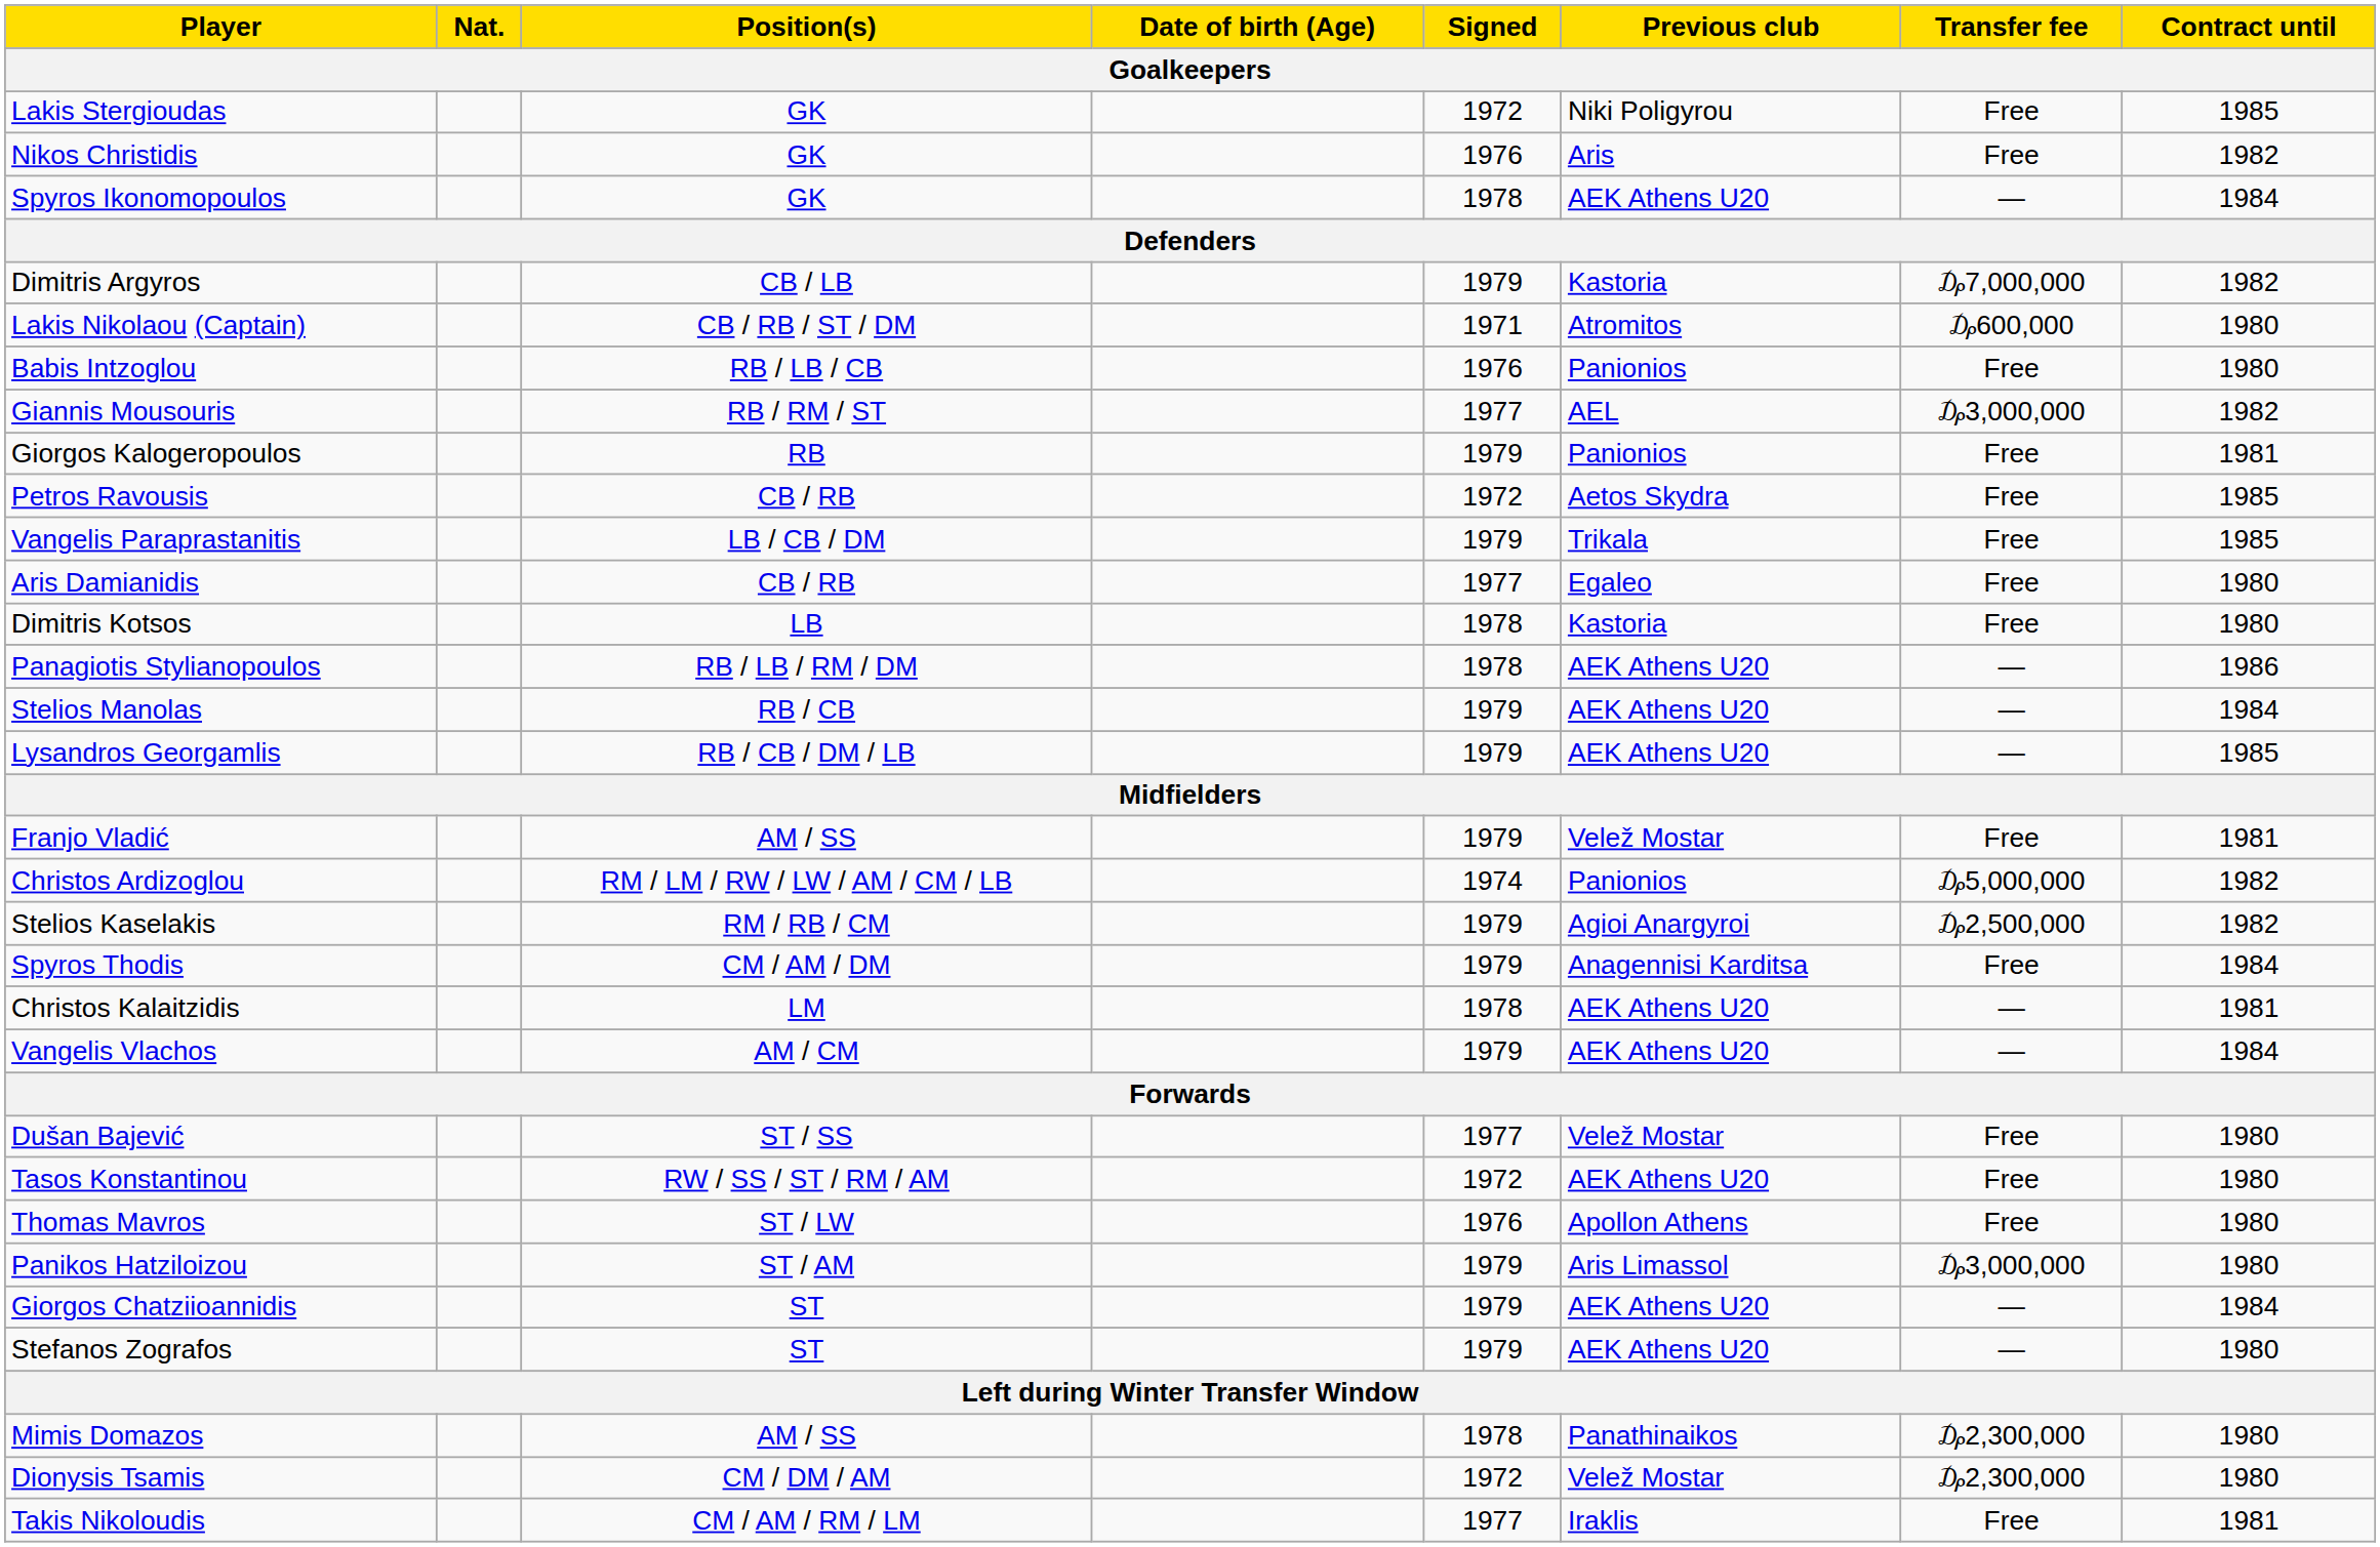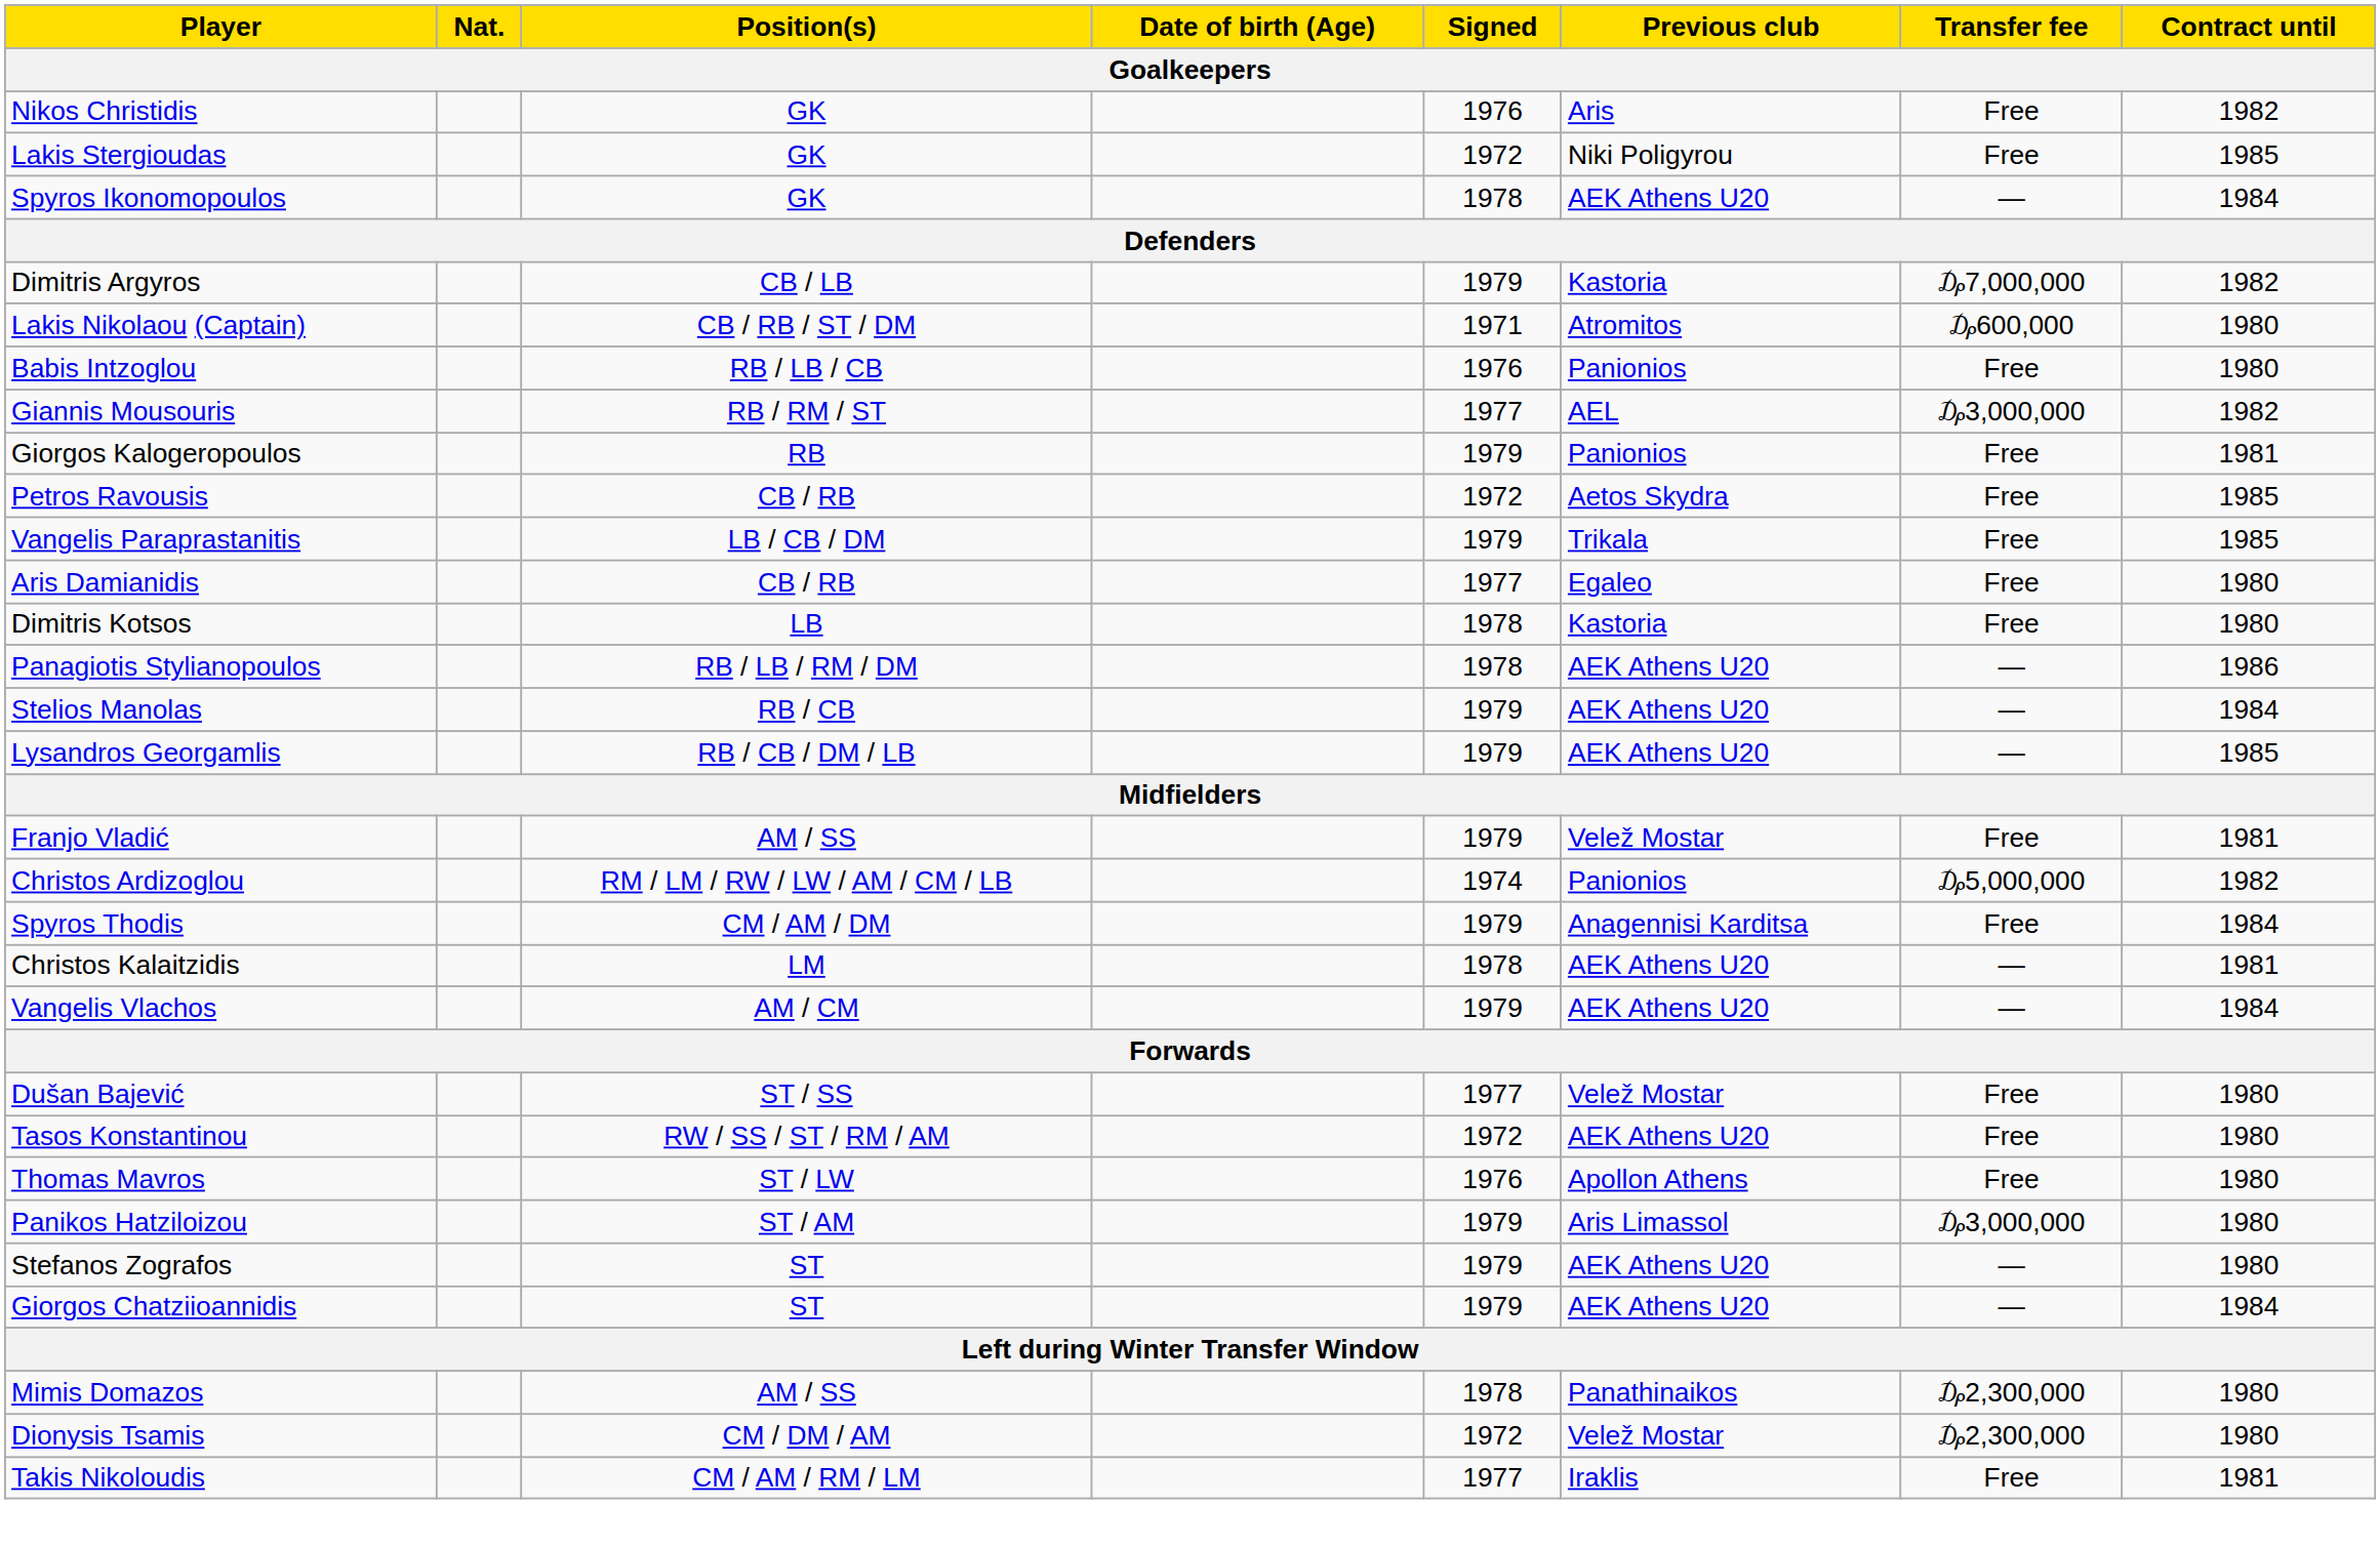 <table class="wikitable" style="text-align:center; font-size:90%;width:100%;">
 <tr>
 <th style="background:#FFDE00">Player</th>
 <th style="background:#FFDE00">Nat.</th>
 <th style="background:#FFDE00">Position(s)</th>
 <th style="background:#FFDE00">Date of birth (Age)</th>
 <th style="background:#FFDE00">Signed</th>
 <th style="background:#FFDE00">Previous club</th>
 <th style="background:#FFDE00">Transfer fee</th>
 <th style="background:#FFDE00">Contract until</th>
 </tr>
 <tr>
 <th colspan="8">Goalkeepers</th>
 </tr>
 <tr>
+<td align=left><a href='#'>Nikos Christidis</a></td>
+<td></td>
+<td><a href='#'>GK</a></td>
+<td></td>
+<td>1976</td>
+<td align=left> <a href='#'>Aris</a></td>
+<td>Free</td>
+<td>1982</td>
+</tr>
+<tr>
 <td align=left><a href='#'>Lakis Stergioudas</a></td>
 <td></td>
 <td><a href='#'>GK</a></td>
 <td></td>
 <td>1972</td>
 <td align=left> Niki Poligyrou</td>
 <td>Free</td>
 <td>1985</td>
-</tr>
-<tr>
-<td align=left><a href='#'>Nikos Christidis</a></td>
-<td></td>
-<td><a href='#'>GK</a></td>
-<td></td>
-<td>1976</td>
-<td align=left> <a href='#'>Aris</a></td>
-<td>Free</td>
-<td>1982</td>
 </tr>
 <tr>
 <td align=left><a href='#'>Spyros Ikonomopoulos</a></td>
 <td></td>
 <td><a href='#'>GK</a></td>
 <td></td>
 <td>1978</td>
 <td align=left> <a href='#'>AEK Athens U20</a></td>
 <td>—</td>
 <td>1984</td>
 </tr>
 <tr>
 <th colspan="8">Defenders</th>
 </tr>
 <tr>
 <td align=left>Dimitris Argyros</td>
 <td></td>
 <td><a href='#'>CB</a> / <a href='#'>LB</a></td>
 <td></td>
 <td>1979</td>
 <td align=left> <a href='#'>Kastoria</a></td>
 <td>₯7,000,000</td>
 <td>1982</td>
 </tr>
 <tr>
 <td align=left><a href='#'>Lakis Nikolaou</a> <a href='#'>(Captain)</a></td>
 <td></td>
 <td><a href='#'>CB</a> / <a href='#'>RB</a> / <a href='#'>ST</a> / <a href='#'>DM</a></td>
 <td></td>
 <td>1971</td>
 <td align=left> <a href='#'>Atromitos</a></td>
 <td>₯600,000</td>
 <td>1980</td>
 </tr>
 <tr>
 <td align=left><a href='#'>Babis Intzoglou</a></td>
 <td></td>
 <td><a href='#'>RB</a> / <a href='#'>LB</a> / <a href='#'>CB</a></td>
 <td></td>
 <td>1976</td>
 <td align=left> <a href='#'>Panionios</a></td>
 <td>Free</td>
 <td>1980</td>
 </tr>
 <tr>
 <td align=left><a href='#'>Giannis Mousouris</a></td>
 <td></td>
 <td><a href='#'>RB</a> / <a href='#'>RM</a> / <a href='#'>ST</a></td>
 <td></td>
 <td>1977</td>
 <td align=left> <a href='#'>AEL</a></td>
 <td>₯3,000,000</td>
 <td>1982</td>
 </tr>
 <tr>
 <td align=left>Giorgos Kalogeropoulos</td>
 <td></td>
 <td><a href='#'>RB</a></td>
 <td></td>
 <td>1979</td>
 <td align=left> <a href='#'>Panionios</a></td>
 <td>Free</td>
 <td>1981</td>
 </tr>
 <tr>
 <td align=left><a href='#'>Petros Ravousis</a></td>
 <td></td>
 <td><a href='#'>CB</a> / <a href='#'>RB</a></td>
 <td></td>
 <td>1972</td>
 <td align=left> <a href='#'>Aetos Skydra</a></td>
 <td>Free</td>
 <td>1985</td>
 </tr>
 <tr>
 <td align=left><a href='#'>Vangelis Paraprastanitis</a></td>
 <td></td>
 <td><a href='#'>LB</a> / <a href='#'>CB</a> / <a href='#'>DM</a></td>
 <td></td>
 <td>1979</td>
 <td align=left> <a href='#'>Trikala</a></td>
 <td>Free</td>
 <td>1985</td>
 </tr>
 <tr>
 <td align=left><a href='#'>Aris Damianidis</a></td>
 <td></td>
 <td><a href='#'>CB</a> / <a href='#'>RB</a></td>
 <td></td>
 <td>1977</td>
 <td align=left> <a href='#'>Egaleo</a></td>
 <td>Free</td>
 <td>1980</td>
 </tr>
 <tr>
 <td align=left>Dimitris Kotsos</td>
 <td></td>
 <td><a href='#'>LB</a></td>
 <td></td>
 <td>1978</td>
 <td align=left> <a href='#'>Kastoria</a></td>
 <td>Free</td>
 <td>1980</td>
 </tr>
 <tr>
 <td align=left><a href='#'>Panagiotis Stylianopoulos</a></td>
 <td></td>
 <td><a href='#'>RB</a> / <a href='#'>LB</a> / <a href='#'>RM</a> / <a href='#'>DM</a></td>
 <td></td>
 <td>1978</td>
 <td align=left> <a href='#'>AEK Athens U20</a></td>
 <td>—</td>
 <td>1986</td>
 </tr>
 <tr>
 <td align=left><a href='#'>Stelios Manolas</a></td>
 <td></td>
 <td><a href='#'>RB</a> / <a href='#'>CB</a></td>
 <td></td>
 <td>1979</td>
 <td align=left> <a href='#'>AEK Athens U20</a></td>
 <td>—</td>
 <td>1984</td>
 </tr>
 <tr>
 <td align=left><a href='#'>Lysandros Georgamlis</a></td>
 <td></td>
 <td><a href='#'>RB</a> / <a href='#'>CB</a> / <a href='#'>DM</a> / <a href='#'>LB</a></td>
 <td></td>
 <td>1979</td>
 <td align=left> <a href='#'>AEK Athens U20</a></td>
 <td>—</td>
 <td>1985</td>
 </tr>
 <tr>
 <th colspan="8">Midfielders</th>
 </tr>
 <tr>
 <td align=left><a href='#'>Franjo Vladić</a></td>
 <td></td>
 <td><a href='#'>AM</a> / <a href='#'>SS</a></td>
 <td></td>
 <td>1979</td>
 <td align=left> <a href='#'>Velež Mostar</a></td>
 <td>Free</td>
 <td>1981</td>
 </tr>
 <tr>
 <td align=left><a href='#'>Christos Ardizoglou</a></td>
 <td></td>
 <td><a href='#'>RM</a> / <a href='#'>LM</a> / <a href='#'>RW</a> / <a href='#'>LW</a>  / <a href='#'>AM</a> / <a href='#'>CM</a> / <a href='#'>LB</a></td>
 <td></td>
 <td>1974</td>
 <td align=left> <a href='#'>Panionios</a></td>
 <td>₯5,000,000</td>
 <td>1982</td>
 </tr>
 <tr>
-<td align=left>Stelios Kaselakis</td>
-<td></td>
-<td><a href='#'>RM</a> / <a href='#'>RB</a> / <a href='#'>CM</a></td>
-<td></td>
-<td>1979</td>
-<td align=left> <a href='#'>Agioi Anargyroi</a></td>
-<td>₯2,500,000</td>
-<td>1982</td>
-</tr>
-<tr>
 <td align=left><a href='#'>Spyros Thodis</a></td>
 <td></td>
 <td><a href='#'>CM</a> / <a href='#'>AM</a> / <a href='#'>DM</a></td>
 <td></td>
 <td>1979</td>
 <td align=left> <a href='#'>Anagennisi Karditsa</a></td>
 <td>Free</td>
 <td>1984</td>
 </tr>
 <tr>
 <td align=left>Christos Kalaitzidis</td>
 <td></td>
 <td><a href='#'>LM</a></td>
 <td></td>
 <td>1978</td>
 <td align=left> <a href='#'>AEK Athens U20</a></td>
 <td>—</td>
 <td>1981</td>
 </tr>
 <tr>
 <td align=left><a href='#'>Vangelis Vlachos</a></td>
 <td></td>
 <td><a href='#'>AM</a> / <a href='#'>CM</a></td>
 <td></td>
 <td>1979</td>
 <td align=left> <a href='#'>AEK Athens U20</a></td>
 <td>—</td>
 <td>1984</td>
 </tr>
 <tr>
 <th colspan="8">Forwards</th>
 </tr>
 <tr>
 <td align=left><a href='#'>Dušan Bajević</a></td>
 <td></td>
 <td><a href='#'>ST</a> / <a href='#'>SS</a></td>
 <td></td>
 <td>1977</td>
 <td align=left> <a href='#'>Velež Mostar</a></td>
 <td>Free</td>
 <td>1980</td>
 </tr>
 <tr>
 <td align=left><a href='#'>Tasos Konstantinou</a></td>
 <td></td>
 <td><a href='#'>RW</a> / <a href='#'>SS</a> / <a href='#'>ST</a> / <a href='#'>RM</a> / <a href='#'>AM</a></td>
 <td></td>
 <td>1972</td>
 <td align=left> <a href='#'>AEK Athens U20</a></td>
 <td>Free</td>
 <td>1980</td>
 </tr>
 <tr>
 <td align=left><a href='#'>Thomas Mavros</a></td>
 <td></td>
 <td><a href='#'>ST</a> / <a href='#'>LW</a></td>
 <td></td>
 <td>1976</td>
 <td align=left> <a href='#'>Apollon Athens</a></td>
 <td>Free</td>
 <td>1980</td>
 </tr>
 <tr>
 <td align=left><a href='#'>Panikos Hatziloizou</a></td>
 <td></td>
 <td><a href='#'>ST</a> / <a href='#'>AM</a></td>
 <td></td>
 <td>1979</td>
 <td align=left> <a href='#'>Aris Limassol</a></td>
 <td>₯3,000,000</td>
 <td>1980</td>
 </tr>
 <tr>
+<td align=left>Stefanos Zografos</td>
+<td></td>
+<td><a href='#'>ST</a></td>
+<td></td>
+<td>1979</td>
+<td align=left> <a href='#'>AEK Athens U20</a></td>
+<td>—</td>
+<td>1980</td>
+</tr>
+<tr>
 <td align=left><a href='#'>Giorgos Chatziioannidis</a></td>
 <td></td>
 <td><a href='#'>ST</a></td>
 <td></td>
 <td>1979</td>
 <td align=left> <a href='#'>AEK Athens U20</a></td>
 <td>—</td>
 <td>1984</td>
-</tr>
-<tr>
-<td align=left>Stefanos Zografos</td>
-<td></td>
-<td><a href='#'>ST</a></td>
-<td></td>
-<td>1979</td>
-<td align=left> <a href='#'>AEK Athens U20</a></td>
-<td>—</td>
-<td>1980</td>
 </tr>
 <tr>
 <th colspan="8">Left during Winter Transfer Window</th>
 </tr>
 <tr>
 <td align=left><a href='#'>Mimis Domazos</a></td>
 <td></td>
 <td><a href='#'>AM</a> / <a href='#'>SS</a></td>
 <td></td>
 <td>1978</td>
 <td align=left> <a href='#'>Panathinaikos</a></td>
 <td>₯2,300,000</td>
 <td>1980</td>
 </tr>
 <tr>
 <td align=left><a href='#'>Dionysis Tsamis</a></td>
 <td></td>
 <td><a href='#'>CM</a> / <a href='#'>DM</a> / <a href='#'>AM</a></td>
 <td></td>
 <td>1972</td>
 <td align=left> <a href='#'>Velež Mostar</a></td>
 <td>₯2,300,000</td>
 <td>1980</td>
 </tr>
 <tr>
 <td align=left><a href='#'>Takis Nikoloudis</a></td>
 <td></td>
 <td><a href='#'>CM</a> / <a href='#'>AM</a> / <a href='#'>RM</a> / <a href='#'>LM</a></td>
 <td></td>
 <td>1977</td>
 <td align=left> <a href='#'>Iraklis</a></td>
 <td>Free</td>
 <td>1981</td>
 </tr>
 </table>
